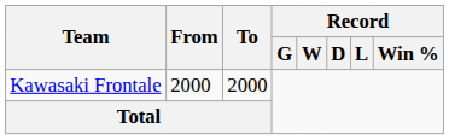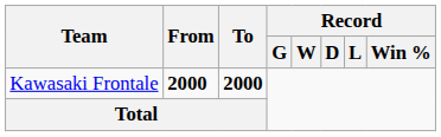 <table class="wikitable" style="text-align: center">
 <tr>
 <th rowspan="2">Team</th>
 <th rowspan="2">From</th>
 <th rowspan="2">To</th>
 <th colspan="5">Record</th>
 </tr>
 <tr>
 <th>G</th>
 <th>W</th>
 <th>D</th>
 <th>L</th>
 <th>Win %</th>
 </tr>
 <tr>
 <td align="left"><a href='#'>Kawasaki Frontale</a></td>
-<td align="left">2000</td>
-<td align="left">2000<br></td>
+<td align="left"><strong>2000</strong></td>
+<td align="left"><strong>2000<br></strong></td>
 </tr>
 <tr>
 <th colspan="3">Total<br></th>
 </tr>
 </table>
